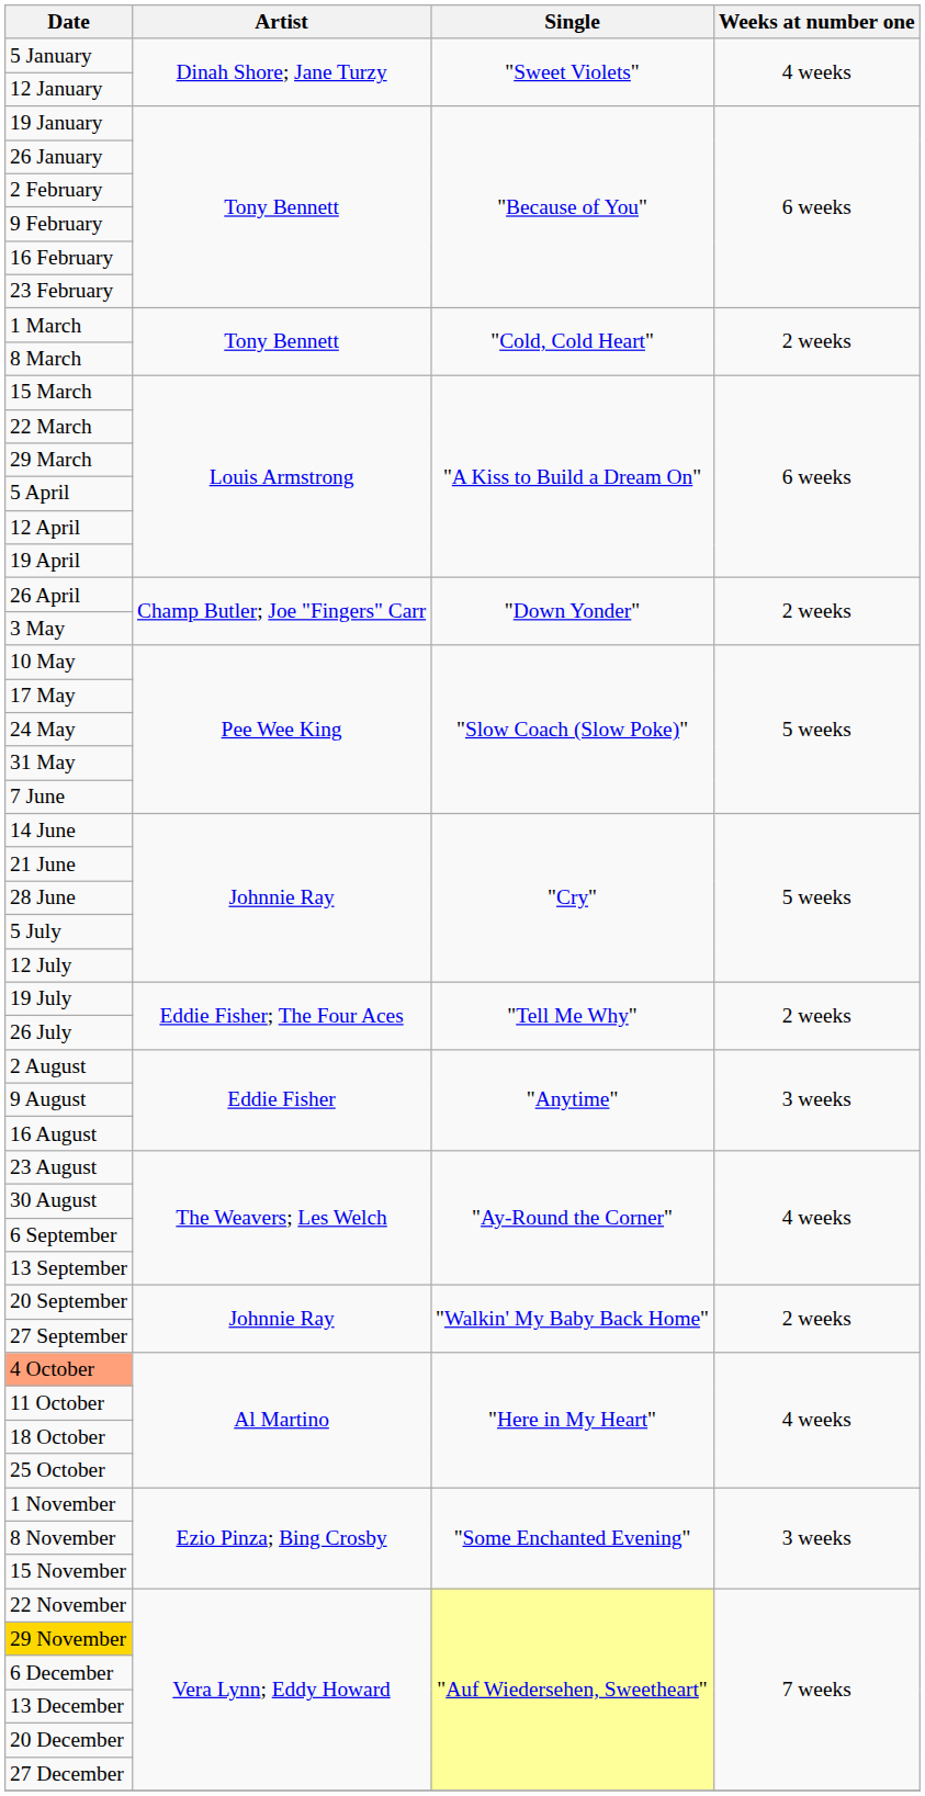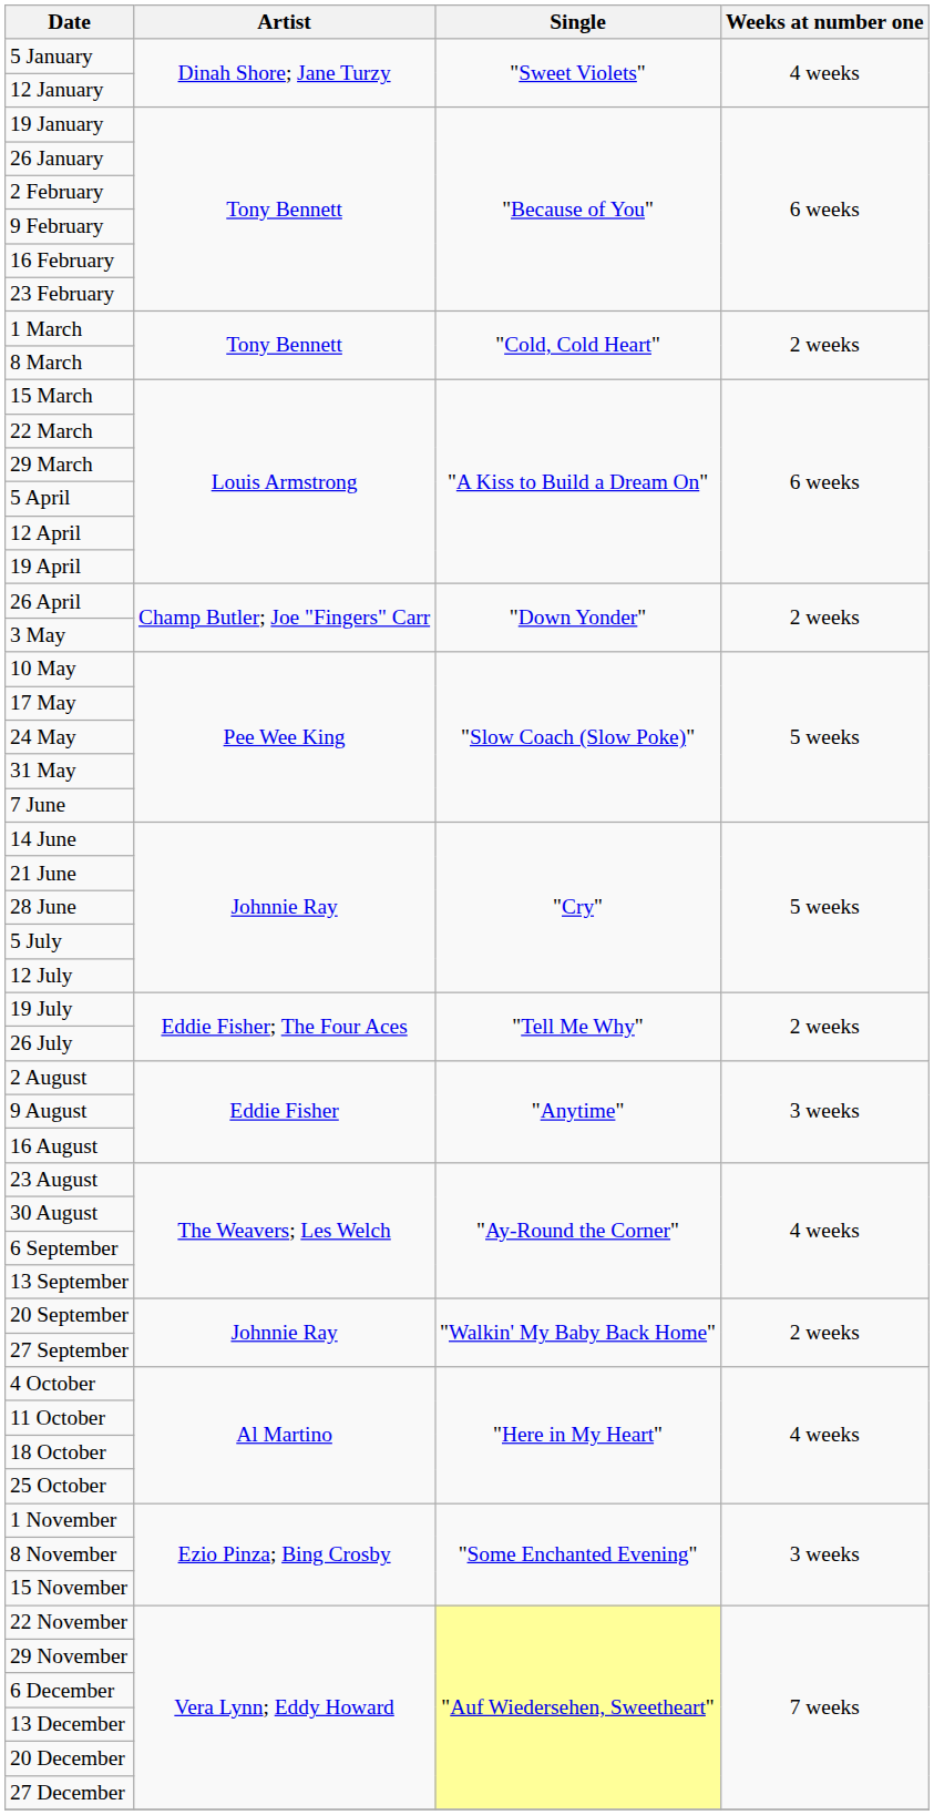 <table class="wikitable">
 <tr>
 <th>Date</th>
 <th>Artist</th>
 <th>Single</th>
 <th>Weeks at number one</th>
 </tr>
 <tr>
 <td>5 January</td>
 <td rowspan=2 align="center"><a href='#'>Dinah Shore</a>; <a href='#'>Jane Turzy</a></td>
 <td rowspan=2 align="center">"<a href='#'>Sweet Violets</a>"</td>
 <td rowspan=2 align="center">4 weeks</td>
 </tr>
 <tr>
 <td>12 January</td>
 </tr>
 <tr>
 <td>19 January</td>
 <td rowspan=6 align="center"><a href='#'>Tony Bennett</a></td>
 <td rowspan=6 align="center">"<a href='#'>Because of You</a>"</td>
 <td rowspan=6 align="center">6 weeks</td>
 </tr>
 <tr>
 <td>26 January</td>
 </tr>
 <tr>
 <td>2 February</td>
 </tr>
 <tr>
 <td>9 February</td>
 </tr>
 <tr>
 <td>16 February</td>
 </tr>
 <tr>
 <td>23 February</td>
 </tr>
 <tr>
 <td>1 March</td>
 <td rowspan=2 align="center"><a href='#'>Tony Bennett</a></td>
 <td rowspan=2 align="center">"<a href='#'>Cold, Cold Heart</a>"</td>
 <td rowspan=2 align="center">2 weeks</td>
 </tr>
 <tr>
 <td>8 March</td>
 </tr>
 <tr>
 <td>15 March</td>
 <td rowspan=6 align="center"><a href='#'>Louis Armstrong</a></td>
 <td rowspan=6 align="center">"<a href='#'>A Kiss to Build a Dream On</a>"</td>
 <td rowspan=6 align="center">6 weeks</td>
 </tr>
 <tr>
 <td>22 March</td>
 </tr>
 <tr>
 <td>29 March</td>
 </tr>
 <tr>
 <td>5 April</td>
 </tr>
 <tr>
 <td>12 April</td>
 </tr>
 <tr>
 <td>19 April</td>
 </tr>
 <tr>
 <td>26 April</td>
 <td rowspan=2 align="center"><a href='#'>Champ Butler</a>; <a href='#'>Joe "Fingers" Carr</a></td>
 <td rowspan=2 align="center">"<a href='#'>Down Yonder</a>"</td>
 <td rowspan=2 align="center">2 weeks</td>
 </tr>
 <tr>
 <td>3 May</td>
 </tr>
 <tr>
 <td>10 May</td>
 <td rowspan=5 align="center"><a href='#'>Pee Wee King</a></td>
 <td rowspan=5 align="center">"<a href='#'>Slow Coach (Slow Poke)</a>"</td>
 <td rowspan=5 align="center">5 weeks</td>
 </tr>
 <tr>
 <td>17 May</td>
 </tr>
 <tr>
 <td>24 May</td>
 </tr>
 <tr>
 <td>31 May</td>
 </tr>
 <tr>
 <td>7 June</td>
 </tr>
 <tr>
 <td>14 June</td>
 <td rowspan=5 align="center"><a href='#'>Johnnie Ray</a></td>
 <td rowspan=5 align="center">"<a href='#'>Cry</a>"</td>
 <td rowspan=5 align="center">5 weeks</td>
 </tr>
 <tr>
 <td>21 June</td>
 </tr>
 <tr>
 <td>28 June</td>
 </tr>
 <tr>
 <td>5 July</td>
 </tr>
 <tr>
 <td>12 July</td>
 </tr>
 <tr>
 <td>19 July</td>
 <td rowspan=2 align="center"><a href='#'>Eddie Fisher</a>; <a href='#'>The Four Aces</a></td>
 <td rowspan=2 align="center">"<a href='#'>Tell Me Why</a>"</td>
 <td rowspan=2 align="center">2 weeks</td>
 </tr>
 <tr>
 <td>26 July</td>
 </tr>
 <tr>
 <td>2 August</td>
 <td rowspan=3 align="center"><a href='#'>Eddie Fisher</a></td>
 <td rowspan=3 align="center">"<a href='#'>Anytime</a>"</td>
 <td rowspan=3 align="center">3 weeks</td>
 </tr>
 <tr>
 <td>9 August</td>
 </tr>
 <tr>
 <td>16 August</td>
 </tr>
 <tr>
 <td>23 August</td>
 <td rowspan=4 align="center"><a href='#'>The Weavers</a>; <a href='#'>Les Welch</a></td>
 <td rowspan=4 align="center">"<a href='#'>Ay-Round the Corner</a>"</td>
 <td rowspan=4 align="center">4 weeks</td>
 </tr>
 <tr>
 <td>30 August</td>
 </tr>
 <tr>
 <td>6 September</td>
 </tr>
 <tr>
 <td>13 September</td>
 </tr>
 <tr>
 <td>20 September</td>
 <td rowspan=2 align="center"><a href='#'>Johnnie Ray</a></td>
 <td rowspan=2 align="center">"<a href='#'>Walkin' My Baby Back Home</a>"</td>
 <td rowspan=2 align="center">2 weeks</td>
 </tr>
 <tr>
 <td>27 September</td>
 </tr>
 <tr>
-<td style="background: lightsalmon;">4 October</td>
+<td>4 October</td>
 <td rowspan=4 align="center"><a href='#'>Al Martino</a></td>
 <td rowspan=4 align="center">"<a href='#'>Here in My Heart</a>"</td>
 <td rowspan=4 align="center">4 weeks</td>
 </tr>
 <tr>
 <td>11 October</td>
 </tr>
 <tr>
 <td>18 October</td>
 </tr>
 <tr>
 <td>25 October</td>
 </tr>
 <tr>
 <td>1 November</td>
 <td rowspan=3 align="center"><a href='#'>Ezio Pinza</a>; <a href='#'>Bing Crosby</a></td>
 <td rowspan=3 align="center">"<a href='#'>Some Enchanted Evening</a>"</td>
 <td rowspan=3 align="center">3 weeks</td>
 </tr>
 <tr>
 <td>8 November</td>
 </tr>
 <tr>
 <td>15 November</td>
 </tr>
 <tr>
 <td>22 November</td>
 <td rowspan=6 align="center"><a href='#'>Vera Lynn</a>; <a href='#'>Eddy Howard</a></td>
 <td bgcolor=#FFFF99 rowspan=6 align="center">"<a href='#'>Auf Wiedersehen, Sweetheart</a>"</td>
 <td rowspan=6 align="center">7 weeks</td>
 </tr>
 <tr>
-<td style="background: gold;">29 November</td>
+<td>29 November</td>
 </tr>
 <tr>
 <td>6 December</td>
 </tr>
 <tr>
 <td>13 December</td>
 </tr>
 <tr>
 <td>20 December</td>
 </tr>
 <tr>
 <td>27 December</td>
 </tr>
 <tr>
 </tr>
 </table>
